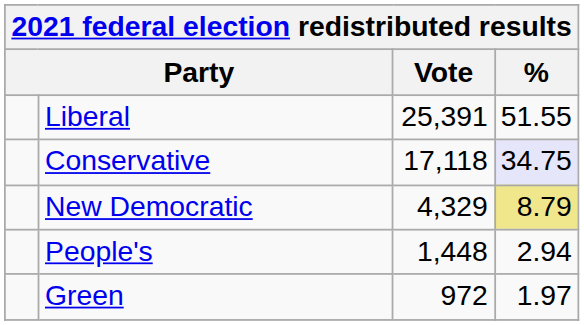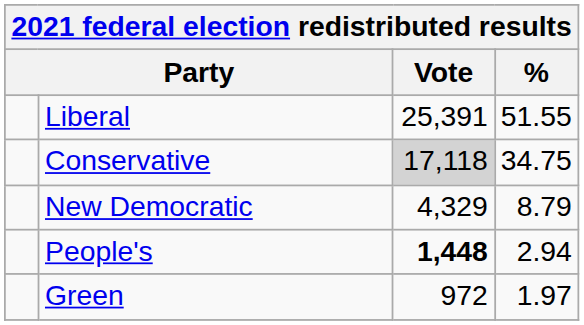 <table class="wikitable">
 <tr>
 <th colspan="4"><a href='#'>2021 federal election</a> redistributed results</th>
 </tr>
 <tr>
 <th bgcolor="#DDDDFF" width="130px" colspan="2">Party</th>
 <th bgcolor="#DDDDFF" width="50px">Vote</th>
 <th bgcolor="#DDDDFF" width="30px">%</th>
 </tr>
 <tr>
 <td> </td>
 <td><a href='#'>Liberal</a></td>
 <td align=right>25,391</td>
 <td align=right>51.55</td>
 </tr>
 <tr>
 <td> </td>
 <td><a href='#'>Conservative</a></td>
-<td align=right>17,118</td>
-<td align=right style="background: lavender;">34.75</td>
+<td align=right style="background: lightgrey;">17,118</td>
+<td align=right>34.75</td>
 </tr>
 <tr>
 <td> </td>
 <td><a href='#'>New Democratic</a></td>
 <td align=right>4,329</td>
-<td align=right style="background: khaki;">8.79</td>
+<td align=right>8.79</td>
 </tr>
 <tr>
 <td> </td>
 <td><a href='#'>People's</a></td>
-<td align=right>1,448</td>
+<td align=right><strong>1,448</strong></td>
 <td align=right>2.94</td>
 </tr>
 <tr>
 <td> </td>
 <td><a href='#'>Green</a></td>
 <td align=right>972</td>
 <td align=right>1.97</td>
 </tr>
 </table>
